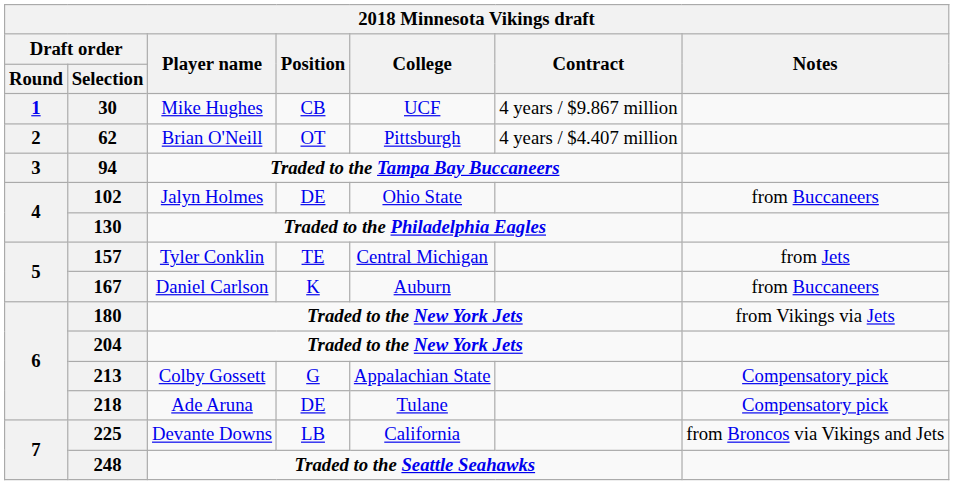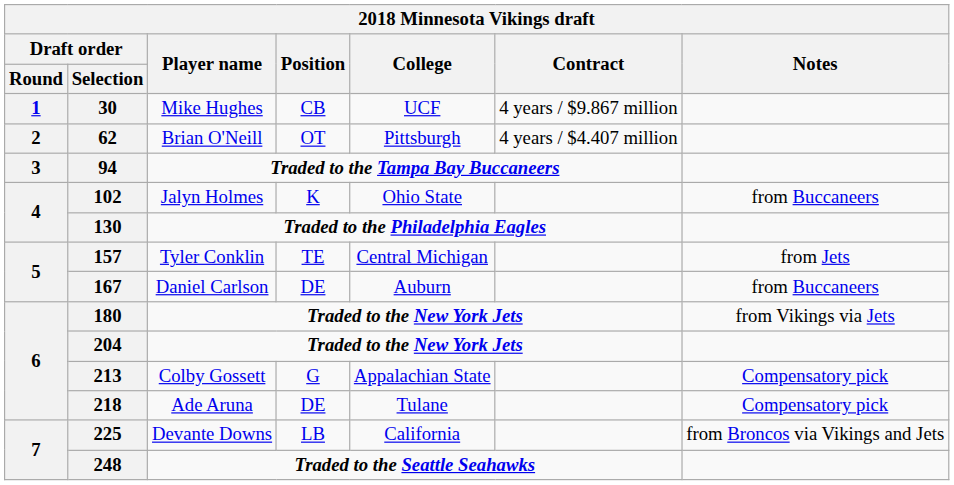 <table class="wikitable" style="text-align:center">
 <tr>
 <th colspan="8">2018 Minnesota Vikings draft</th>
 </tr>
 <tr>
 <th colspan="2">Draft order</th>
 <th rowspan="2">Player name</th>
 <th rowspan="2">Position</th>
 <th rowspan="2">College</th>
 <th rowspan="2">Contract</th>
 <th rowspan="2">Notes</th>
 </tr>
 <tr>
 <th>Round</th>
 <th>Selection</th>
 </tr>
 <tr>
 <th><a href='#'>1</a></th>
 <th>30</th>
 <td><a href='#'>Mike Hughes</a></td>
 <td><a href='#'>CB</a></td>
 <td><a href='#'>UCF</a></td>
 <td>4 years / $9.867 million</td>
 <td></td>
 </tr>
 <tr>
 <th>2</th>
 <th>62</th>
 <td><a href='#'>Brian O'Neill</a></td>
 <td><a href='#'>OT</a></td>
 <td><a href='#'>Pittsburgh</a></td>
 <td>4 years / $4.407 million</td>
 <td></td>
 </tr>
 <tr>
 <th>3</th>
 <th>94</th>
 <td colspan="4"><strong><em>Traded to the <a href='#'>Tampa Bay Buccaneers</a></em></strong></td>
 <td></td>
 </tr>
 <tr>
 <th rowspan=2>4</th>
 <th>102</th>
 <td><a href='#'>Jalyn Holmes</a></td>
-<td><a href='#'>DE</a></td>
+<td><a href='#'>K</a></td>
 <td><a href='#'>Ohio State</a></td>
 <td></td>
 <td>from <a href='#'>Buccaneers</a></td>
 </tr>
 <tr>
 <th>130</th>
 <td colspan="4"><strong><em>Traded to the <a href='#'>Philadelphia Eagles</a></em></strong></td>
 <td></td>
 </tr>
 <tr>
 <th rowspan=2>5</th>
 <th>157</th>
 <td><a href='#'>Tyler Conklin</a></td>
 <td><a href='#'>TE</a></td>
 <td><a href='#'>Central Michigan</a></td>
 <td></td>
 <td>from <a href='#'>Jets</a></td>
 </tr>
 <tr>
 <th>167</th>
 <td><a href='#'>Daniel Carlson</a></td>
-<td><a href='#'>K</a></td>
+<td><a href='#'>DE</a></td>
 <td><a href='#'>Auburn</a></td>
 <td></td>
 <td>from <a href='#'>Buccaneers</a></td>
 </tr>
 <tr>
 <th rowspan=4>6</th>
 <th>180</th>
 <td colspan="4"><strong><em>Traded to the <a href='#'>New York Jets</a></em></strong></td>
 <td>from Vikings via <a href='#'>Jets</a></td>
 </tr>
 <tr>
 <th>204</th>
 <td colspan="4"><strong><em>Traded to the <a href='#'>New York Jets</a></em></strong></td>
 <td></td>
 </tr>
 <tr>
 <th>213</th>
 <td><a href='#'>Colby Gossett</a></td>
 <td><a href='#'>G</a></td>
 <td><a href='#'>Appalachian State</a></td>
 <td></td>
 <td><a href='#'>Compensatory pick</a></td>
 </tr>
 <tr>
 <th>218</th>
 <td><a href='#'>Ade Aruna</a></td>
 <td><a href='#'>DE</a></td>
 <td><a href='#'>Tulane</a></td>
 <td></td>
 <td><a href='#'>Compensatory pick</a></td>
 </tr>
 <tr>
 <th rowspan=2>7</th>
 <th>225</th>
 <td><a href='#'>Devante Downs</a></td>
 <td><a href='#'>LB</a></td>
 <td><a href='#'>California</a></td>
 <td></td>
 <td>from <a href='#'>Broncos</a> via Vikings and Jets</td>
 </tr>
 <tr>
 <th>248</th>
 <td colspan="4"><strong><em>Traded to the <a href='#'>Seattle Seahawks</a></em></strong></td>
 <td></td>
 </tr>
 </table>
